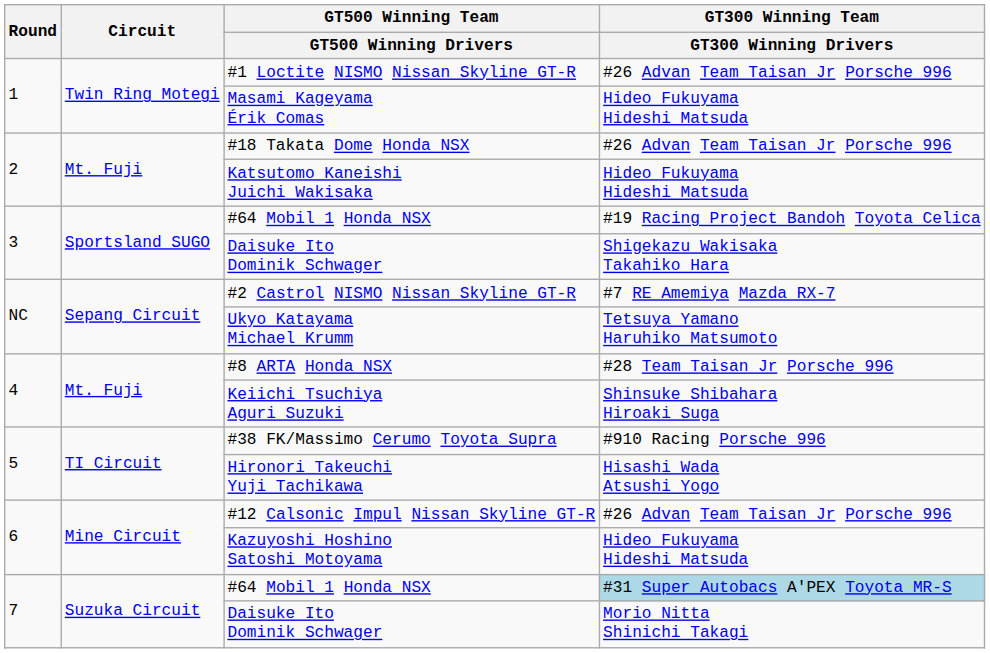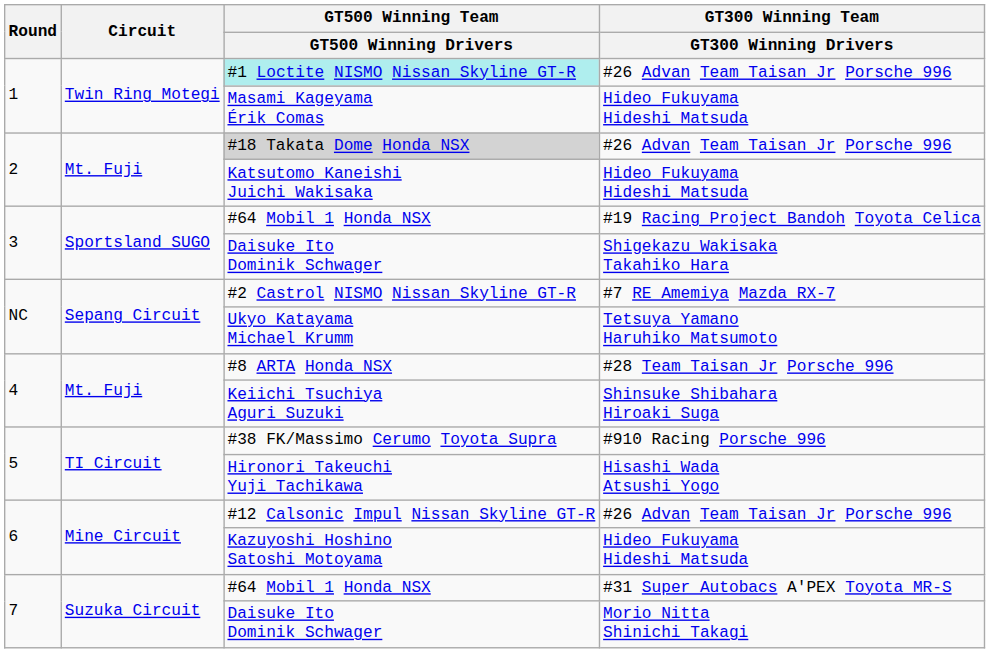 <table class="wikitable" style="font-size: 90%;">
 <tr>
 <th rowspan=2>Round</th>
 <th rowspan=2>Circuit</th>
 <th>GT500 Winning Team</th>
 <th>GT300 Winning Team</th>
 </tr>
 <tr>
 <th>GT500 Winning Drivers</th>
 <th>GT300 Winning Drivers</th>
 </tr>
 <tr>
 <td rowspan=2>1</td>
 <td rowspan=2><a href='#'>Twin Ring Motegi</a></td>
-<td>#1 <a href='#'>Loctite</a> <a href='#'>NISMO</a> <a href='#'>Nissan Skyline GT-R</a></td>
+<td style="background: paleturquoise;">#1 <a href='#'>Loctite</a> <a href='#'>NISMO</a> <a href='#'>Nissan Skyline GT-R</a></td>
 <td>#26 <a href='#'>Advan</a> <a href='#'>Team Taisan Jr</a> <a href='#'>Porsche 996</a></td>
 </tr>
 <tr>
 <td> <a href='#'>Masami Kageyama</a><br> <a href='#'>Érik Comas</a></td>
 <td> <a href='#'>Hideo Fukuyama</a><br> <a href='#'>Hideshi Matsuda</a></td>
 </tr>
 <tr>
 <td rowspan=2>2</td>
 <td rowspan=2><a href='#'>Mt. Fuji</a></td>
-<td>#18 Takata <a href='#'>Dome</a> <a href='#'>Honda NSX</a></td>
+<td style="background: lightgrey;">#18 Takata <a href='#'>Dome</a> <a href='#'>Honda NSX</a></td>
 <td>#26 <a href='#'>Advan</a> <a href='#'>Team Taisan Jr</a> <a href='#'>Porsche 996</a></td>
 </tr>
 <tr>
 <td> <a href='#'>Katsutomo Kaneishi</a><br> <a href='#'>Juichi Wakisaka</a></td>
 <td> <a href='#'>Hideo Fukuyama</a><br> <a href='#'>Hideshi Matsuda</a></td>
 </tr>
 <tr>
 <td rowspan=2>3</td>
 <td rowspan=2><a href='#'>Sportsland SUGO</a></td>
 <td>#64 <a href='#'>Mobil 1</a> <a href='#'>Honda NSX</a></td>
 <td>#19 <a href='#'>Racing Project Bandoh</a> <a href='#'>Toyota Celica</a></td>
 </tr>
 <tr>
 <td> <a href='#'>Daisuke Ito</a><br> <a href='#'>Dominik Schwager</a></td>
 <td> <a href='#'>Shigekazu Wakisaka</a><br> <a href='#'>Takahiko Hara</a></td>
 </tr>
 <tr>
 <td rowspan=2>NC</td>
 <td rowspan=2><a href='#'>Sepang Circuit</a></td>
 <td>#2 <a href='#'>Castrol</a> <a href='#'>NISMO</a> <a href='#'>Nissan Skyline GT-R</a></td>
 <td>#7 <a href='#'>RE Amemiya</a> <a href='#'>Mazda RX-7</a></td>
 </tr>
 <tr>
 <td> <a href='#'>Ukyo Katayama</a><br> <a href='#'>Michael Krumm</a></td>
 <td> <a href='#'>Tetsuya Yamano</a><br> <a href='#'>Haruhiko Matsumoto</a></td>
 </tr>
 <tr>
 <td rowspan=2>4</td>
 <td rowspan=2><a href='#'>Mt. Fuji</a></td>
 <td>#8 <a href='#'>ARTA</a> <a href='#'>Honda NSX</a></td>
 <td>#28 <a href='#'>Team Taisan Jr</a> <a href='#'>Porsche 996</a></td>
 </tr>
 <tr>
 <td> <a href='#'>Keiichi Tsuchiya</a><br> <a href='#'>Aguri Suzuki</a></td>
 <td> <a href='#'>Shinsuke Shibahara</a><br> <a href='#'>Hiroaki Suga</a></td>
 </tr>
 <tr>
 <td rowspan=2>5</td>
 <td rowspan=2><a href='#'>TI Circuit</a></td>
 <td>#38 FK/Massimo <a href='#'>Cerumo</a> <a href='#'>Toyota Supra</a></td>
 <td>#910 Racing <a href='#'>Porsche 996</a></td>
 </tr>
 <tr>
 <td> <a href='#'>Hironori Takeuchi</a><br> <a href='#'>Yuji Tachikawa</a></td>
 <td> <a href='#'>Hisashi Wada</a><br> <a href='#'>Atsushi Yogo</a></td>
 </tr>
 <tr>
 <td rowspan=2>6</td>
 <td rowspan=2><a href='#'>Mine Circuit</a></td>
 <td>#12 <a href='#'>Calsonic</a> <a href='#'>Impul</a> <a href='#'>Nissan Skyline GT-R</a></td>
 <td>#26 <a href='#'>Advan</a> <a href='#'>Team Taisan Jr</a> <a href='#'>Porsche 996</a></td>
 </tr>
 <tr>
 <td> <a href='#'>Kazuyoshi Hoshino</a><br> <a href='#'>Satoshi Motoyama</a></td>
 <td> <a href='#'>Hideo Fukuyama</a><br> <a href='#'>Hideshi Matsuda</a></td>
 </tr>
 <tr>
 <td rowspan=2>7</td>
 <td rowspan=2><a href='#'>Suzuka Circuit</a></td>
 <td>#64 <a href='#'>Mobil 1</a> <a href='#'>Honda NSX</a></td>
-<td style="background: lightblue;">#31 <a href='#'>Super Autobacs</a> A'PEX <a href='#'>Toyota MR-S</a></td>
+<td>#31 <a href='#'>Super Autobacs</a> A'PEX <a href='#'>Toyota MR-S</a></td>
 </tr>
 <tr>
 <td> <a href='#'>Daisuke Ito</a><br> <a href='#'>Dominik Schwager</a></td>
 <td> <a href='#'>Morio Nitta</a><br> <a href='#'>Shinichi Takagi</a></td>
 </tr>
 </table>
